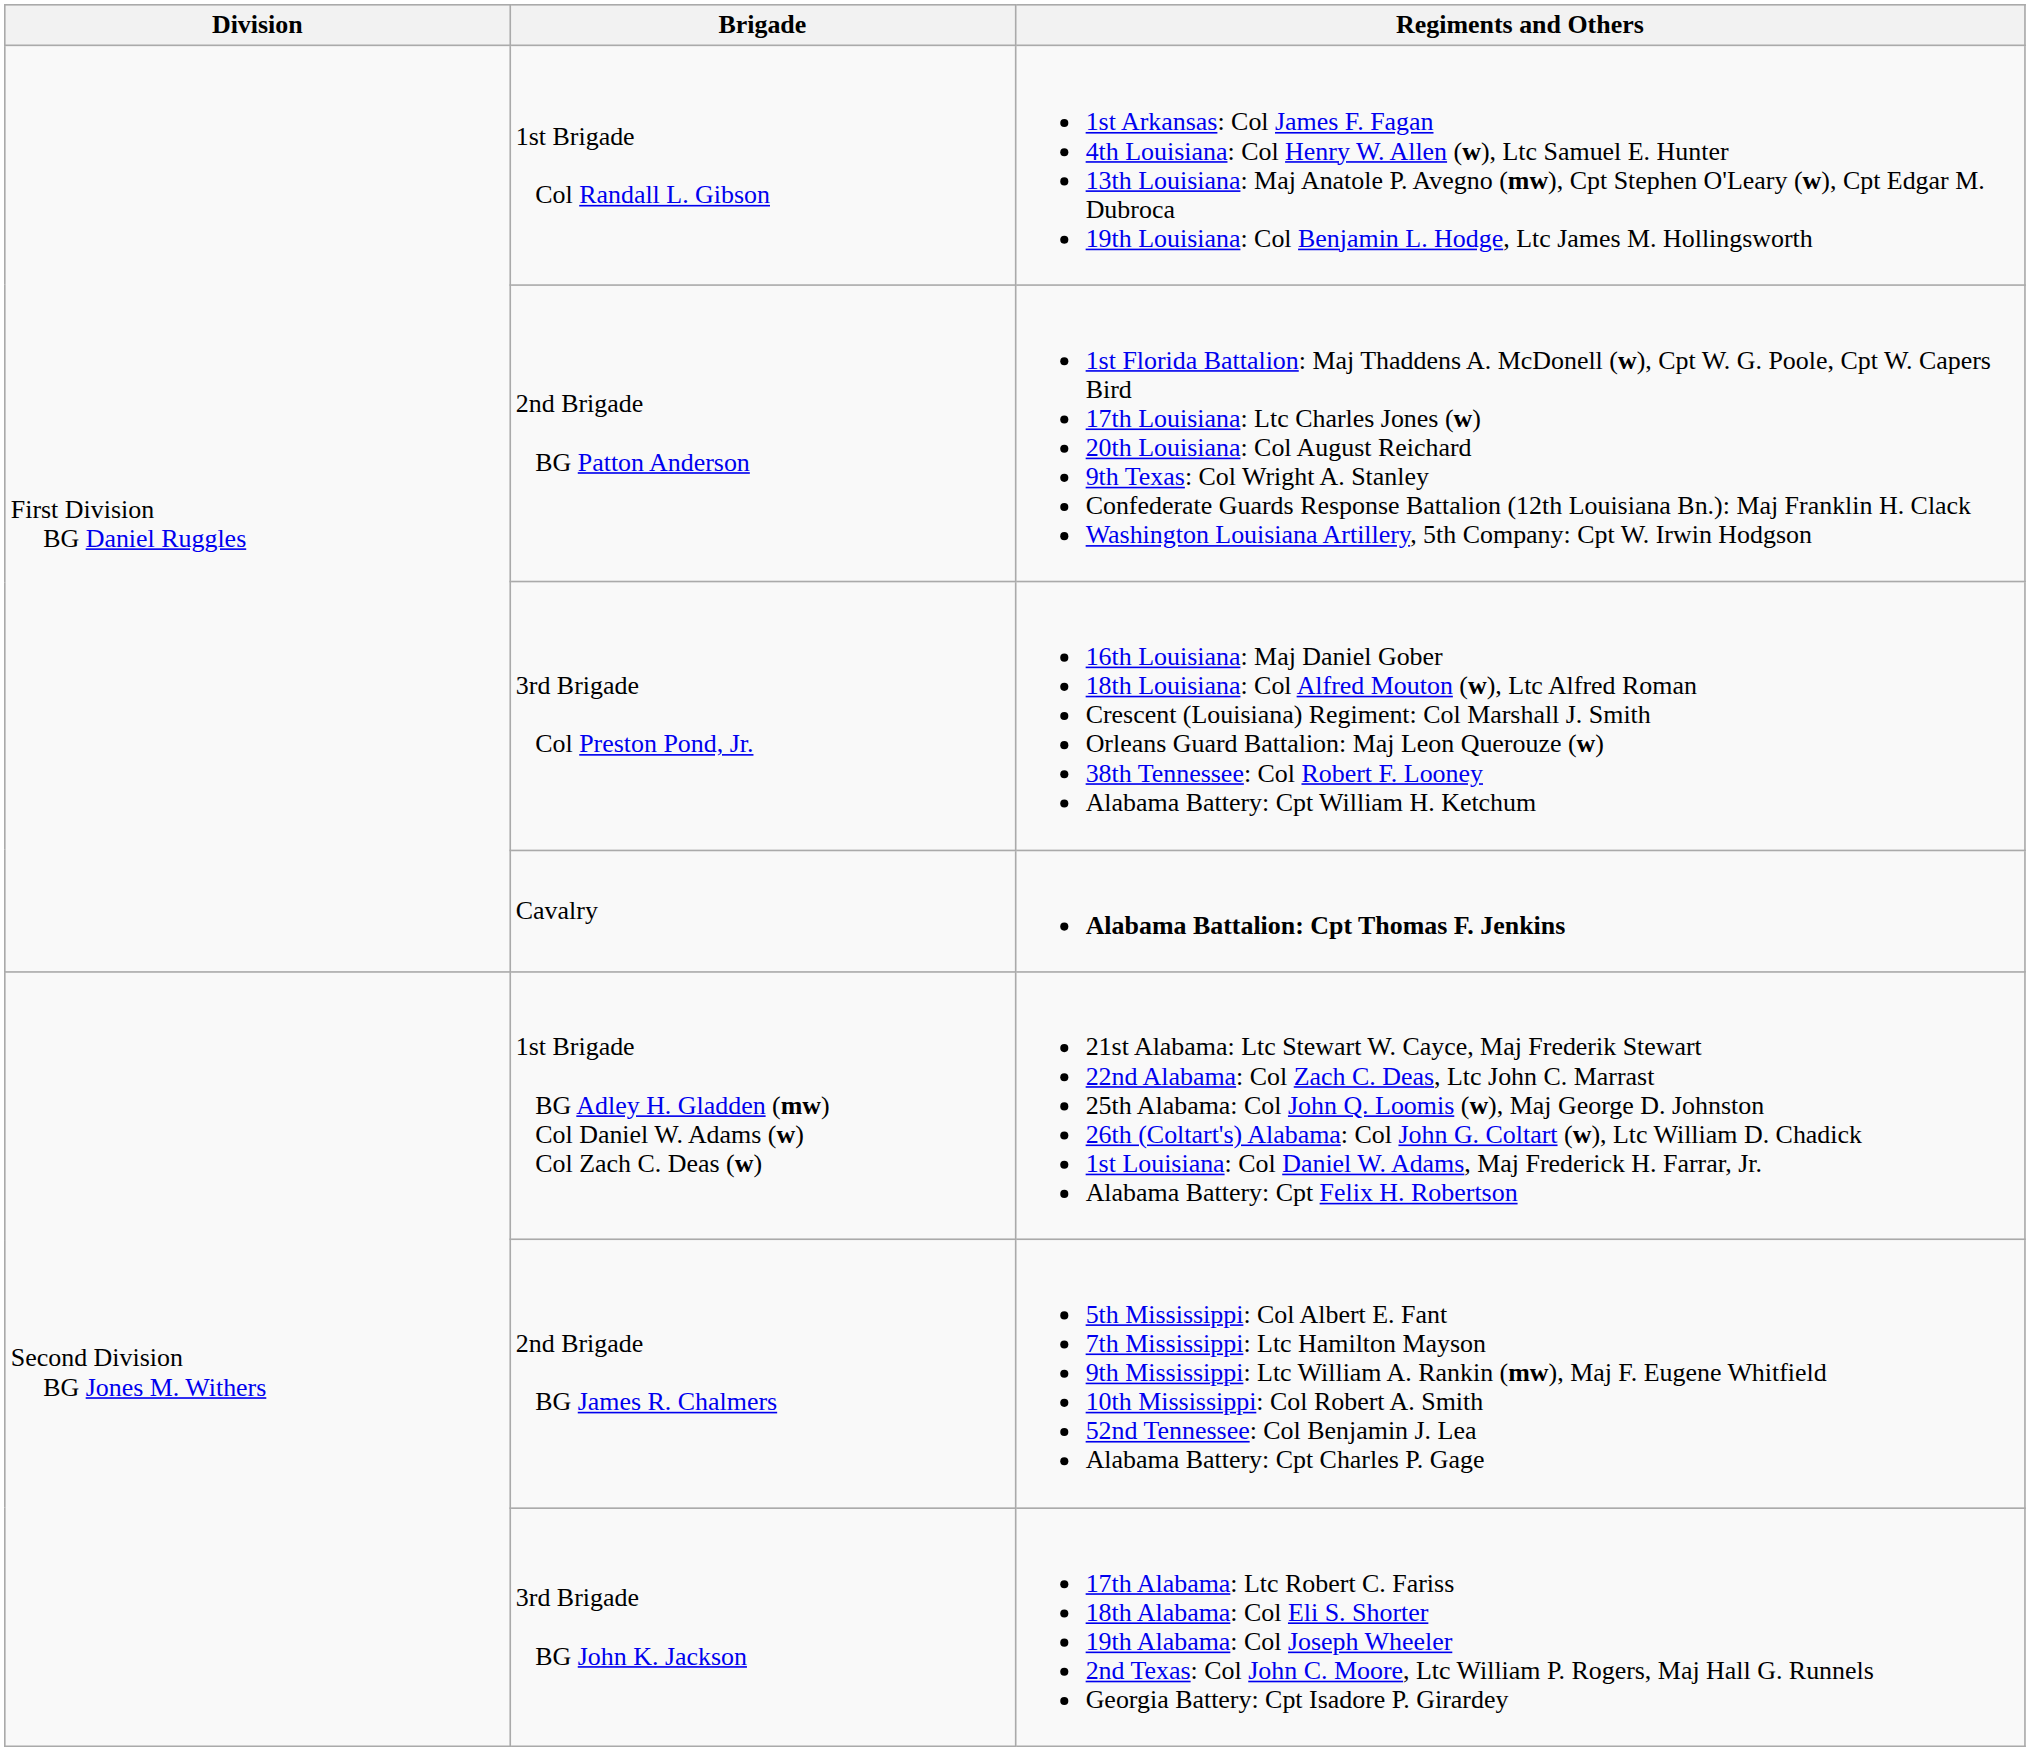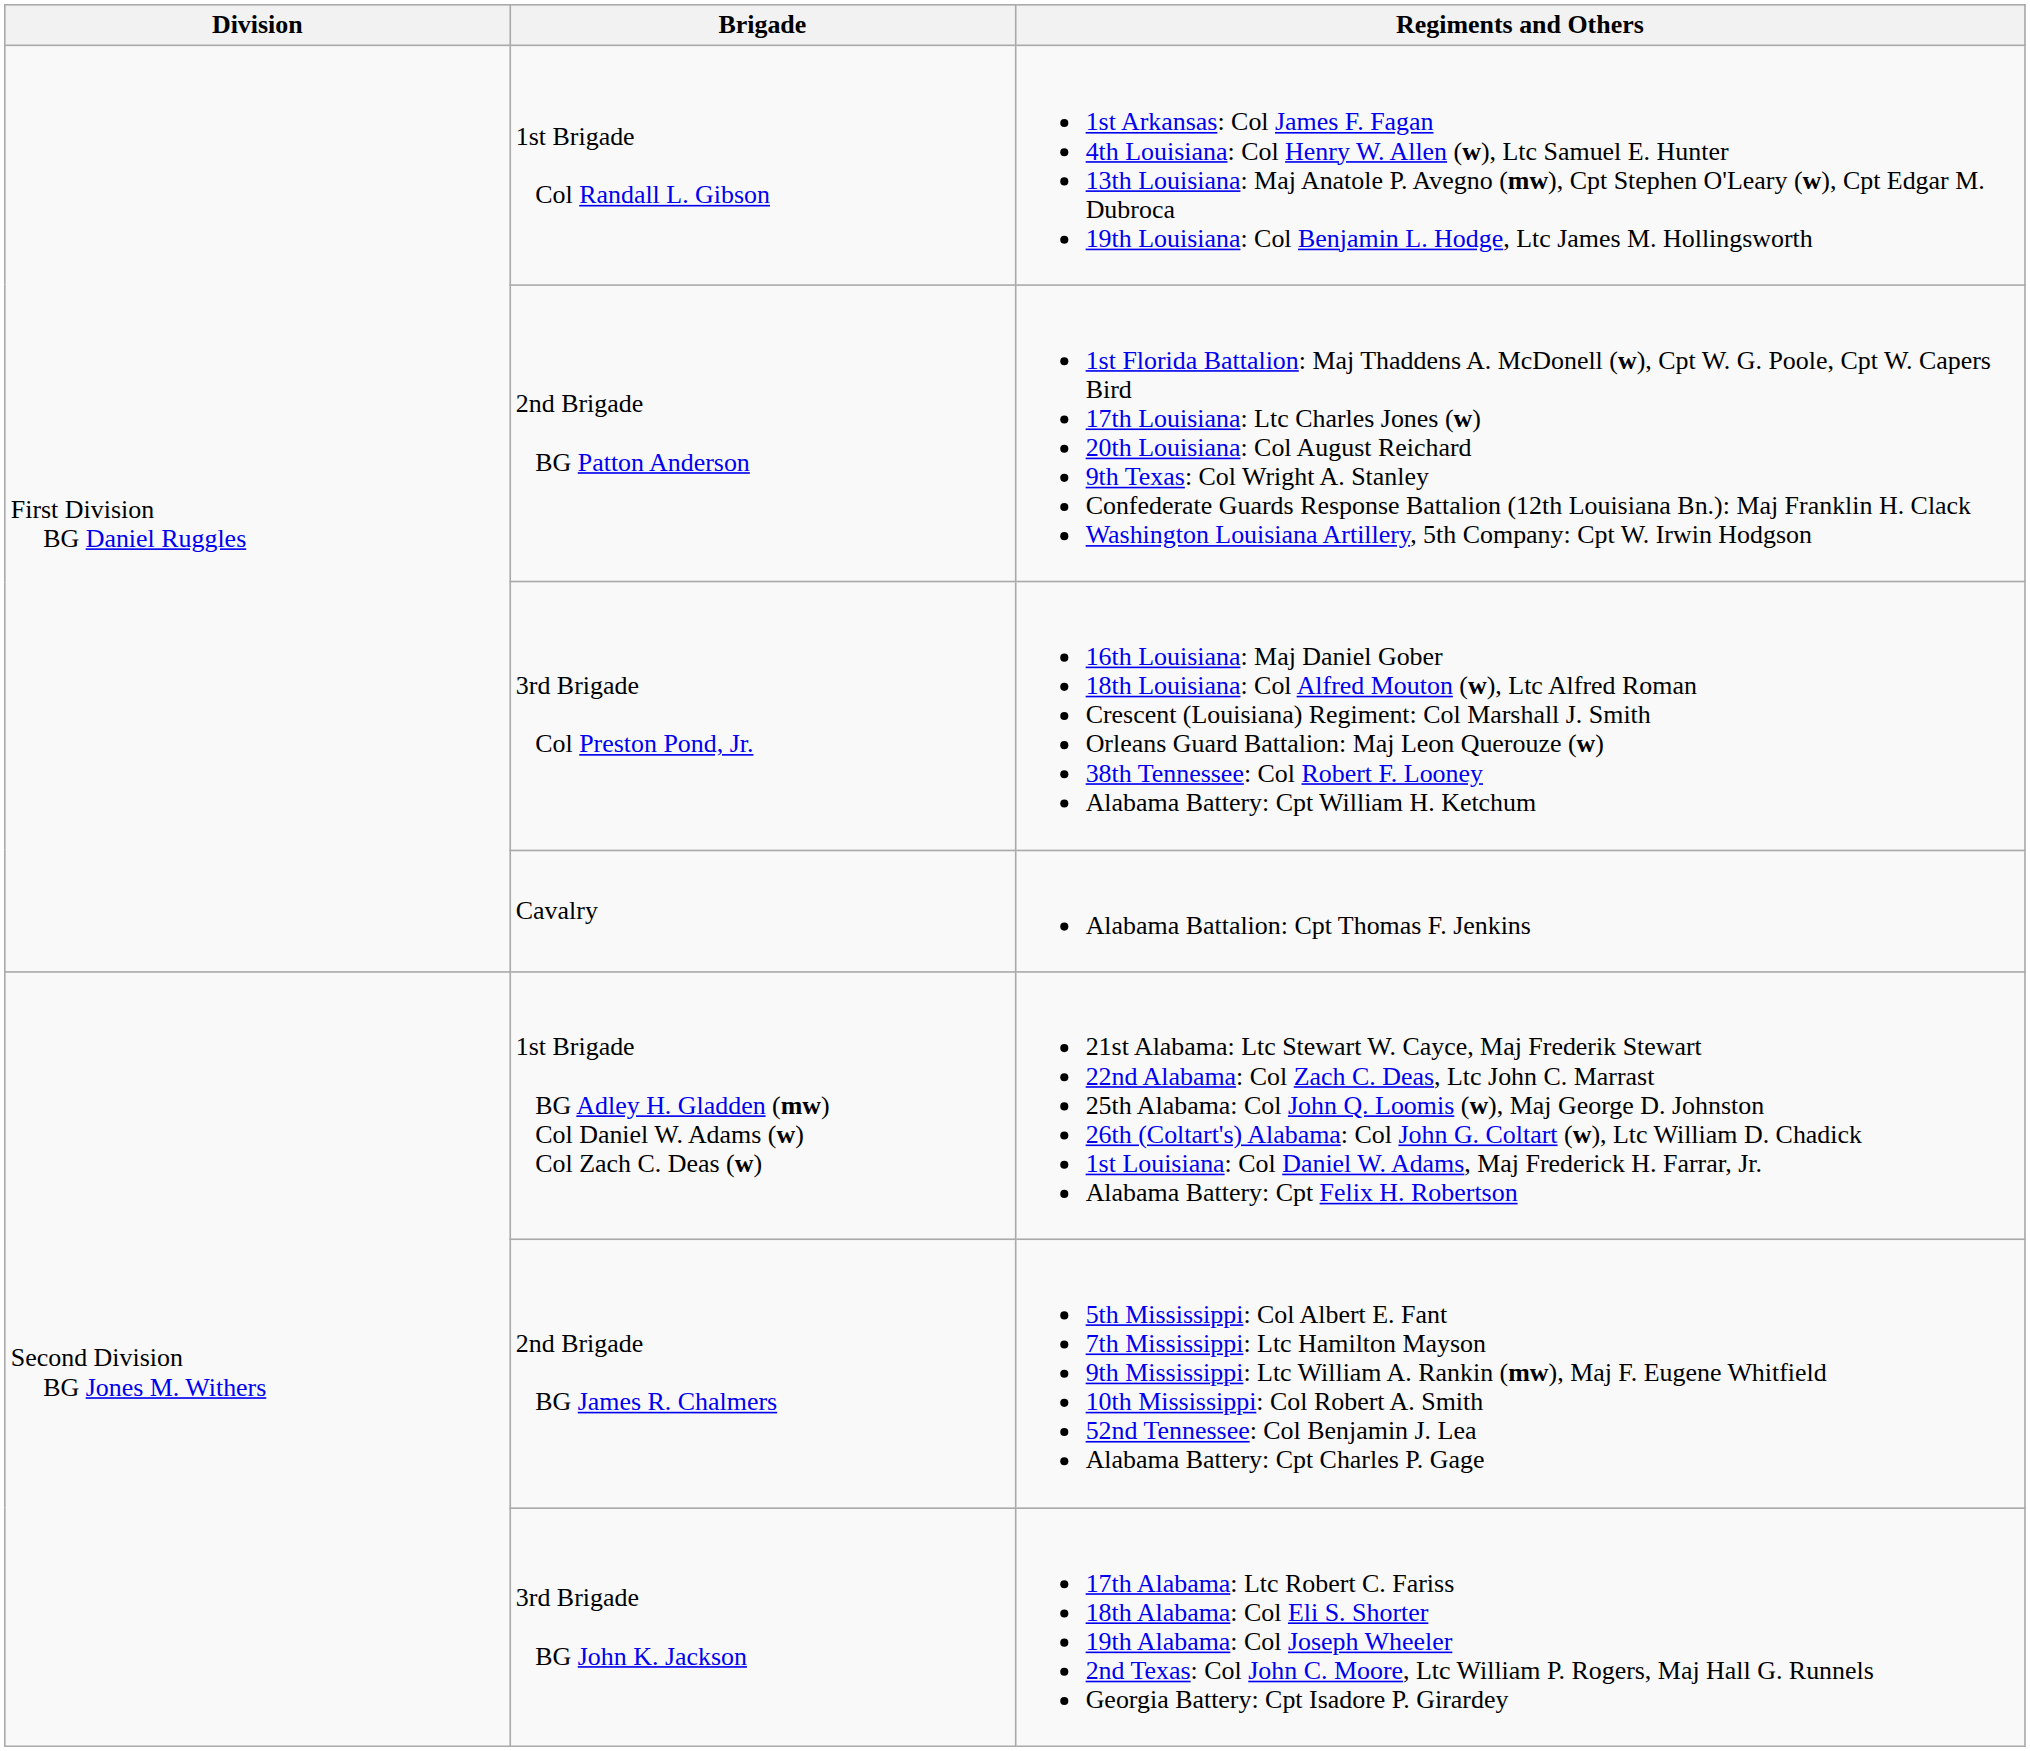 <table class="wikitable">
 <tr>
 <th width=25%>Division</th>
 <th width=25%>Brigade</th>
 <th>Regiments and Others</th>
 </tr>
 <tr>
 <td rowspan=4><br>First Division <br>     BG <a href='#'>Daniel Ruggles</a></td>
 <td>1st Brigade<br><br>   Col <a href='#'>Randall L. Gibson</a></td>
 <td><br><ul><li><a href='#'>1st Arkansas</a>: Col <a href='#'>James F. Fagan</a></li><li><a href='#'>4th Louisiana</a>: Col <a href='#'>Henry W. Allen</a> (<strong>w</strong>), Ltc Samuel E. Hunter</li><li><a href='#'>13th Louisiana</a>: Maj Anatole P. Avegno (<strong>mw</strong>), Cpt Stephen O'Leary (<strong>w</strong>), Cpt Edgar M. Dubroca</li><li><a href='#'>19th Louisiana</a>: Col <a href='#'>Benjamin L. Hodge</a>, Ltc James M. Hollingsworth</li></ul></td>
 </tr>
 <tr>
 <td>2nd Brigade<br><br>   BG <a href='#'>Patton Anderson</a></td>
 <td><br><ul><li><a href='#'>1st Florida Battalion</a>: Maj Thaddens A. McDonell (<strong>w</strong>), Cpt W. G. Poole, Cpt W. Capers Bird</li><li><a href='#'>17th Louisiana</a>: Ltc Charles Jones (<strong>w</strong>)</li><li><a href='#'>20th Louisiana</a>: Col August Reichard</li><li><a href='#'>9th Texas</a>: Col Wright A. Stanley</li><li>Confederate Guards Response Battalion (12th Louisiana Bn.): Maj Franklin H. Clack</li><li><a href='#'>Washington Louisiana Artillery</a>, 5th Company: Cpt W. Irwin Hodgson</li></ul></td>
 </tr>
 <tr>
 <td>3rd Brigade<br><br>   Col <a href='#'>Preston Pond, Jr.</a></td>
 <td><br><ul><li><a href='#'>16th Louisiana</a>: Maj Daniel Gober</li><li><a href='#'>18th Louisiana</a>: Col <a href='#'>Alfred Mouton</a> (<strong>w</strong>), Ltc Alfred Roman</li><li>Crescent (Louisiana) Regiment: Col Marshall J. Smith</li><li>Orleans Guard Battalion: Maj Leon Querouze (<strong>w</strong>)</li><li><a href='#'>38th Tennessee</a>: Col <a href='#'>Robert F. Looney</a></li><li>Alabama Battery: Cpt William H. Ketchum</li></ul></td>
 </tr>
 <tr>
 <td>Cavalry</td>
-<td><strong><br><ul><li>Alabama Battalion: Cpt Thomas F. Jenkins</li></ul></strong></td>
+<td><br><ul><li>Alabama Battalion: Cpt Thomas F. Jenkins</li></ul></td>
 </tr>
 <tr>
 <td rowspan=3><br>Second Division <br>     BG <a href='#'>Jones M. Withers</a></td>
 <td>1st Brigade<br><br>   BG <a href='#'>Adley H. Gladden</a> (<strong>mw</strong>) <br>   Col Daniel W. Adams (<strong>w</strong>) <br>   Col Zach C. Deas (<strong>w</strong>)</td>
 <td><br><ul><li>21st Alabama: Ltc Stewart W. Cayce, Maj Frederik Stewart</li><li><a href='#'>22nd Alabama</a>: Col <a href='#'>Zach C. Deas</a>, Ltc John C. Marrast</li><li>25th Alabama: Col <a href='#'>John Q. Loomis</a> (<strong>w</strong>), Maj George D. Johnston</li><li><a href='#'>26th (Coltart's) Alabama</a>: Col <a href='#'>John G. Coltart</a> (<strong>w</strong>), Ltc William D. Chadick</li><li><a href='#'>1st Louisiana</a>: Col <a href='#'>Daniel W. Adams</a>, Maj Frederick H. Farrar, Jr.</li><li>Alabama Battery: Cpt <a href='#'>Felix H. Robertson</a></li></ul></td>
 </tr>
 <tr>
 <td>2nd Brigade<br><br>   BG <a href='#'>James R. Chalmers</a></td>
 <td><br><ul><li><a href='#'>5th Mississippi</a>: Col Albert E. Fant</li><li><a href='#'>7th Mississippi</a>: Ltc Hamilton Mayson</li><li><a href='#'>9th Mississippi</a>: Ltc William A. Rankin (<strong>mw</strong>), Maj F. Eugene Whitfield</li><li><a href='#'>10th Mississippi</a>: Col Robert A. Smith</li><li><a href='#'>52nd Tennessee</a>: Col Benjamin J. Lea</li><li>Alabama Battery: Cpt Charles P. Gage</li></ul></td>
 </tr>
 <tr>
 <td>3rd Brigade<br><br>   BG <a href='#'>John K. Jackson</a></td>
 <td><br><ul><li><a href='#'>17th Alabama</a>: Ltc Robert C. Fariss</li><li><a href='#'>18th Alabama</a>: Col <a href='#'>Eli S. Shorter</a></li><li><a href='#'>19th Alabama</a>: Col <a href='#'>Joseph Wheeler</a></li><li><a href='#'>2nd Texas</a>: Col <a href='#'>John C. Moore</a>, Ltc William P. Rogers, Maj Hall G. Runnels</li><li>Georgia Battery: Cpt Isadore P. Girardey</li></ul></td>
 </tr>
 </table>
